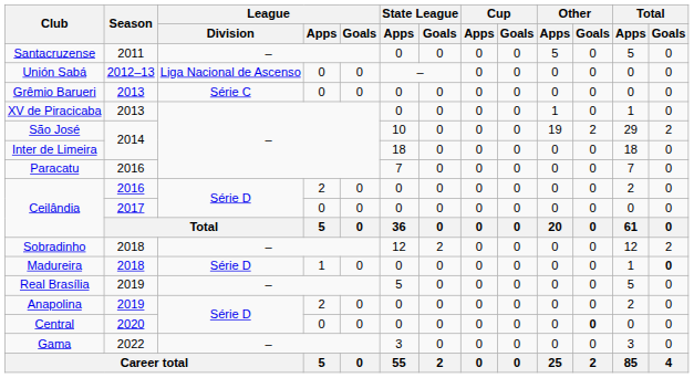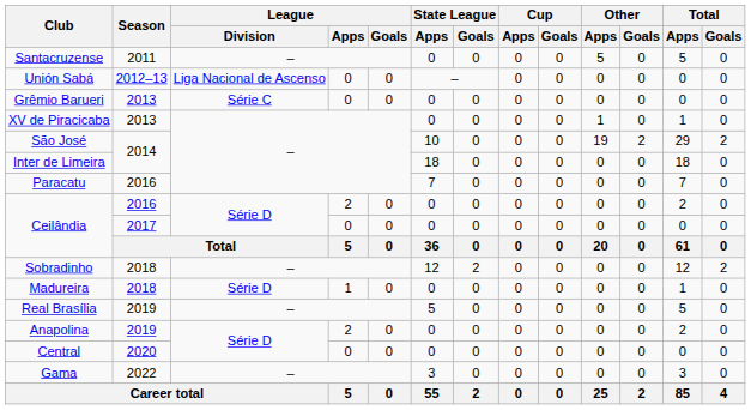 <table class=wikitable style=text-align:center>
 <tr>
 <th rowspan="2">Club</th>
 <th rowspan="2">Season</th>
 <th colspan="3">League</th>
 <th colspan="2">State League</th>
 <th colspan="2">Cup</th>
 <th colspan="2">Other</th>
 <th colspan="2">Total</th>
 </tr>
 <tr>
 <th>Division</th>
 <th>Apps</th>
 <th>Goals</th>
 <th>Apps</th>
 <th>Goals</th>
 <th>Apps</th>
 <th>Goals</th>
 <th>Apps</th>
 <th>Goals</th>
 <th>Apps</th>
 <th>Goals</th>
 </tr>
 <tr>
 <td><a href='#'>Santacruzense</a></td>
 <td>2011</td>
 <td colspan="3">–</td>
 <td>0</td>
 <td>0</td>
 <td>0</td>
 <td>0</td>
 <td>5</td>
 <td>0</td>
 <td>5</td>
 <td>0</td>
 </tr>
 <tr>
 <td><a href='#'>Unión Sabá</a></td>
 <td><a href='#'>2012–13</a></td>
 <td><a href='#'>Liga Nacional de Ascenso</a></td>
 <td>0</td>
 <td>0</td>
 <td colspan="2">–</td>
 <td>0</td>
 <td>0</td>
 <td>0</td>
 <td>0</td>
 <td>0</td>
 <td>0</td>
 </tr>
 <tr>
 <td><a href='#'>Grêmio Barueri</a></td>
 <td><a href='#'>2013</a></td>
 <td><a href='#'>Série C</a></td>
 <td>0</td>
 <td>0</td>
 <td>0</td>
 <td>0</td>
 <td>0</td>
 <td>0</td>
 <td>0</td>
 <td>0</td>
 <td>0</td>
 <td>0</td>
 </tr>
 <tr>
 <td><a href='#'>XV de Piracicaba</a></td>
 <td>2013</td>
 <td colspan="3" rowspan="4">–</td>
 <td>0</td>
 <td>0</td>
 <td>0</td>
 <td>0</td>
 <td>1</td>
 <td>0</td>
 <td>1</td>
 <td>0</td>
 </tr>
 <tr>
 <td><a href='#'>São José</a></td>
 <td rowspan="2">2014</td>
 <td>10</td>
 <td>0</td>
 <td>0</td>
 <td>0</td>
 <td>19</td>
 <td>2</td>
 <td>29</td>
 <td>2</td>
 </tr>
 <tr>
 <td><a href='#'>Inter de Limeira</a></td>
 <td>18</td>
 <td>0</td>
 <td>0</td>
 <td>0</td>
 <td>0</td>
 <td>0</td>
 <td>18</td>
 <td>0</td>
 </tr>
 <tr>
 <td><a href='#'>Paracatu</a></td>
 <td>2016</td>
 <td>7</td>
 <td>0</td>
 <td>0</td>
 <td>0</td>
 <td>0</td>
 <td>0</td>
 <td>7</td>
 <td>0</td>
 </tr>
 <tr>
 <td rowspan="3"><a href='#'>Ceilândia</a></td>
 <td><a href='#'>2016</a></td>
 <td rowspan="2"><a href='#'>Série D</a></td>
 <td>2</td>
 <td>0</td>
 <td>0</td>
 <td>0</td>
 <td>0</td>
 <td>0</td>
 <td>0</td>
 <td>0</td>
 <td>2</td>
 <td>0</td>
 </tr>
 <tr>
 <td><a href='#'>2017</a></td>
 <td>0</td>
 <td>0</td>
 <td>0</td>
 <td>0</td>
 <td>0</td>
 <td>0</td>
 <td>0</td>
 <td>0</td>
 <td>0</td>
 <td>0</td>
 </tr>
 <tr>
 <th colspan="2"><strong>Total</strong></th>
 <th>5</th>
 <th>0</th>
 <th>36</th>
 <th>0</th>
 <th>0</th>
 <th>0</th>
 <th>20</th>
 <th>0</th>
 <th>61</th>
 <th>0</th>
 </tr>
 <tr>
 <td><a href='#'>Sobradinho</a></td>
 <td>2018</td>
 <td colspan="3">–</td>
 <td>12</td>
 <td>2</td>
 <td>0</td>
 <td>0</td>
 <td>0</td>
 <td>0</td>
 <td>12</td>
 <td>2</td>
 </tr>
 <tr>
 <td><a href='#'>Madureira</a></td>
 <td><a href='#'>2018</a></td>
 <td><a href='#'>Série D</a></td>
 <td>1</td>
 <td>0</td>
 <td>0</td>
 <td>0</td>
 <td>0</td>
 <td>0</td>
 <td>0</td>
 <td>0</td>
 <td>1</td>
-<td><strong>0</strong></td>
+<td>0</td>
 </tr>
 <tr>
 <td><a href='#'>Real Brasília</a></td>
 <td>2019</td>
 <td colspan="3">–</td>
 <td>5</td>
 <td>0</td>
 <td>0</td>
 <td>0</td>
 <td>0</td>
 <td>0</td>
 <td>5</td>
 <td>0</td>
 </tr>
 <tr>
 <td><a href='#'>Anapolina</a></td>
 <td><a href='#'>2019</a></td>
 <td rowspan="2"><a href='#'>Série D</a></td>
 <td>2</td>
 <td>0</td>
 <td>0</td>
 <td>0</td>
 <td>0</td>
 <td>0</td>
 <td>0</td>
 <td>0</td>
 <td>2</td>
 <td>0</td>
 </tr>
 <tr>
 <td><a href='#'>Central</a></td>
 <td><a href='#'>2020</a></td>
 <td>0</td>
 <td>0</td>
 <td>0</td>
 <td>0</td>
 <td>0</td>
 <td>0</td>
 <td>0</td>
-<td><strong>0</strong></td>
+<td>0</td>
 <td>0</td>
 <td>0</td>
 </tr>
 <tr>
 <td><a href='#'>Gama</a></td>
 <td>2022</td>
 <td colspan="3">–</td>
 <td>3</td>
 <td>0</td>
 <td>0</td>
 <td>0</td>
 <td>0</td>
 <td>0</td>
 <td>3</td>
 <td>0</td>
 </tr>
 <tr>
 <th colspan="3"><strong>Career total</strong></th>
 <th>5</th>
 <th>0</th>
 <th>55</th>
 <th>2</th>
 <th>0</th>
 <th>0</th>
 <th>25</th>
 <th>2</th>
 <th>85</th>
 <th>4</th>
 </tr>
 </table>
